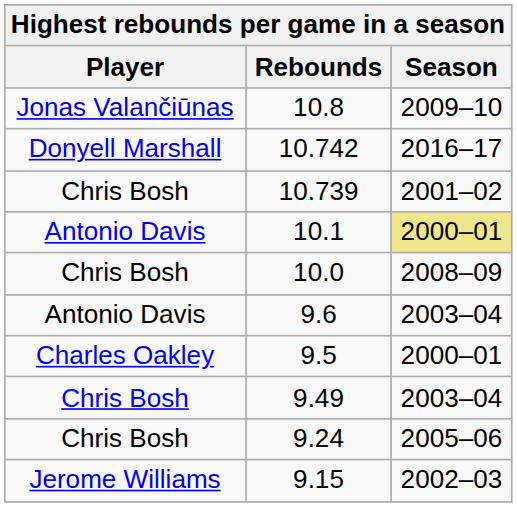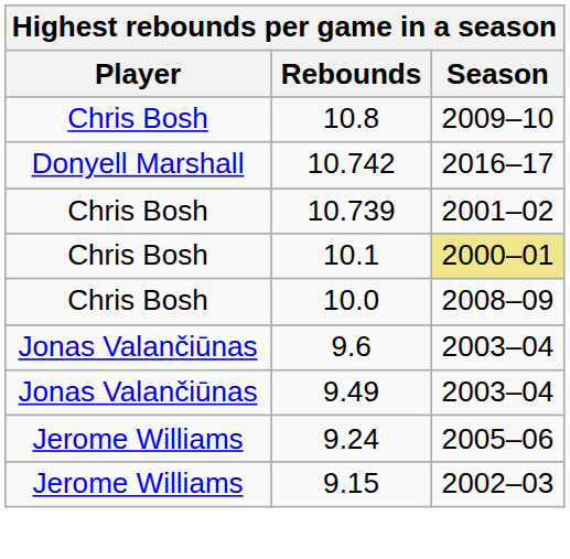 <table class="wikitable sortable" style="text-align:center">
 <tr>
 <th colspan="3">Highest rebounds per game in a season</th>
 </tr>
 <tr>
 <th>Player</th>
 <th>Rebounds</th>
 <th>Season</th>
 </tr>
 <tr>
-<td><a href='#'>Jonas Valančiūnas</a></td>
+<td><a href='#'>Chris Bosh</a></td>
 <td>10.8</td>
 <td>2009–10</td>
 </tr>
 <tr>
 <td><a href='#'>Donyell Marshall</a></td>
 <td>10.742</td>
 <td>2016–17</td>
 </tr>
 <tr>
 <td>Chris Bosh</td>
 <td>10.739</td>
 <td>2001–02</td>
 </tr>
 <tr>
-<td><a href='#'>Antonio Davis</a></td>
+<td>Chris Bosh</td>
 <td>10.1</td>
 <td style="background: khaki;">2000–01</td>
 </tr>
 <tr>
 <td>Chris Bosh</td>
 <td>10.0</td>
 <td>2008–09</td>
 </tr>
 <tr>
-<td>Antonio Davis</td>
+<td><a href='#'>Jonas Valančiūnas</a></td>
 <td>9.6</td>
 <td>2003–04</td>
 </tr>
 <tr>
-<td><a href='#'>Charles Oakley</a></td>
-<td>9.5</td>
-<td>2000–01</td>
-</tr>
-<tr>
-<td><a href='#'>Chris Bosh</a></td>
+<td><a href='#'>Jonas Valančiūnas</a></td>
 <td>9.49</td>
 <td>2003–04</td>
 </tr>
 <tr>
-<td>Chris Bosh</td>
+<td><a href='#'>Jerome Williams</a></td>
 <td>9.24</td>
 <td>2005–06</td>
 </tr>
 <tr>
 <td><a href='#'>Jerome Williams</a></td>
 <td>9.15</td>
 <td>2002–03</td>
 </tr>
 </table>
